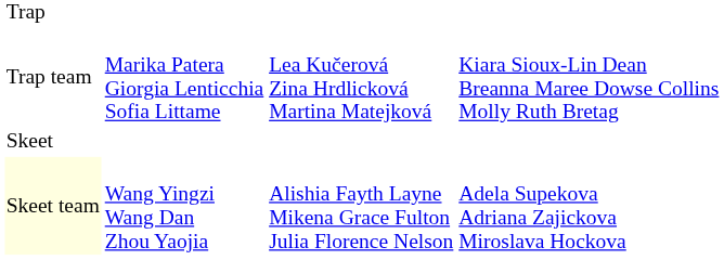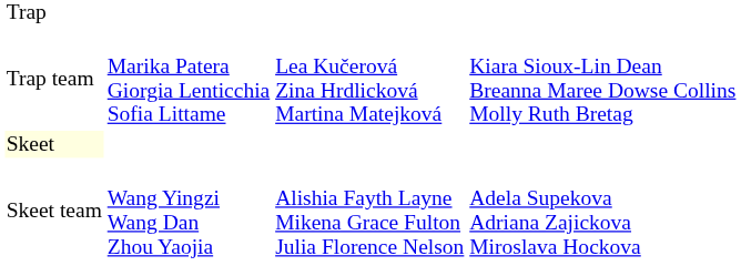 <table>
 <tr>
 <td>Trap<br></td>
 <td colspan=2></td>
 <td colspan=2></td>
 <td colspan=2></td>
 </tr>
 <tr>
 <td>Trap team<br></td>
 <td colspan=2><br><a href='#'>Marika Patera</a><br><a href='#'>Giorgia Lenticchia</a><br><a href='#'>Sofia Littame</a></td>
 <td colspan=2><br><a href='#'>Lea Kučerová</a><br><a href='#'>Zina Hrdlicková</a><br><a href='#'>Martina Matejková</a></td>
 <td colspan=2><br><a href='#'>Kiara Sioux-Lin Dean</a><br><a href='#'>Breanna Maree Dowse Collins</a><br><a href='#'>Molly Ruth Bretag</a></td>
 </tr>
 <tr>
-<td>Skeet<br></td>
+<td style="background: lightyellow;">Skeet<br></td>
 <td colspan=2></td>
 <td colspan=2></td>
 <td colspan=2></td>
 </tr>
 <tr>
-<td style="background: lightyellow;">Skeet team<br></td>
+<td>Skeet team<br></td>
 <td colspan=2><br><a href='#'>Wang Yingzi</a><br><a href='#'>Wang Dan</a><br><a href='#'>Zhou Yaojia</a></td>
 <td colspan=2><br><a href='#'>Alishia Fayth Layne</a><br><a href='#'>Mikena Grace Fulton</a><br><a href='#'>Julia Florence Nelson</a></td>
 <td colspan=2><br><a href='#'>Adela Supekova</a><br><a href='#'>Adriana Zajickova</a><br><a href='#'>Miroslava Hockova</a></td>
 </tr>
 </table>
